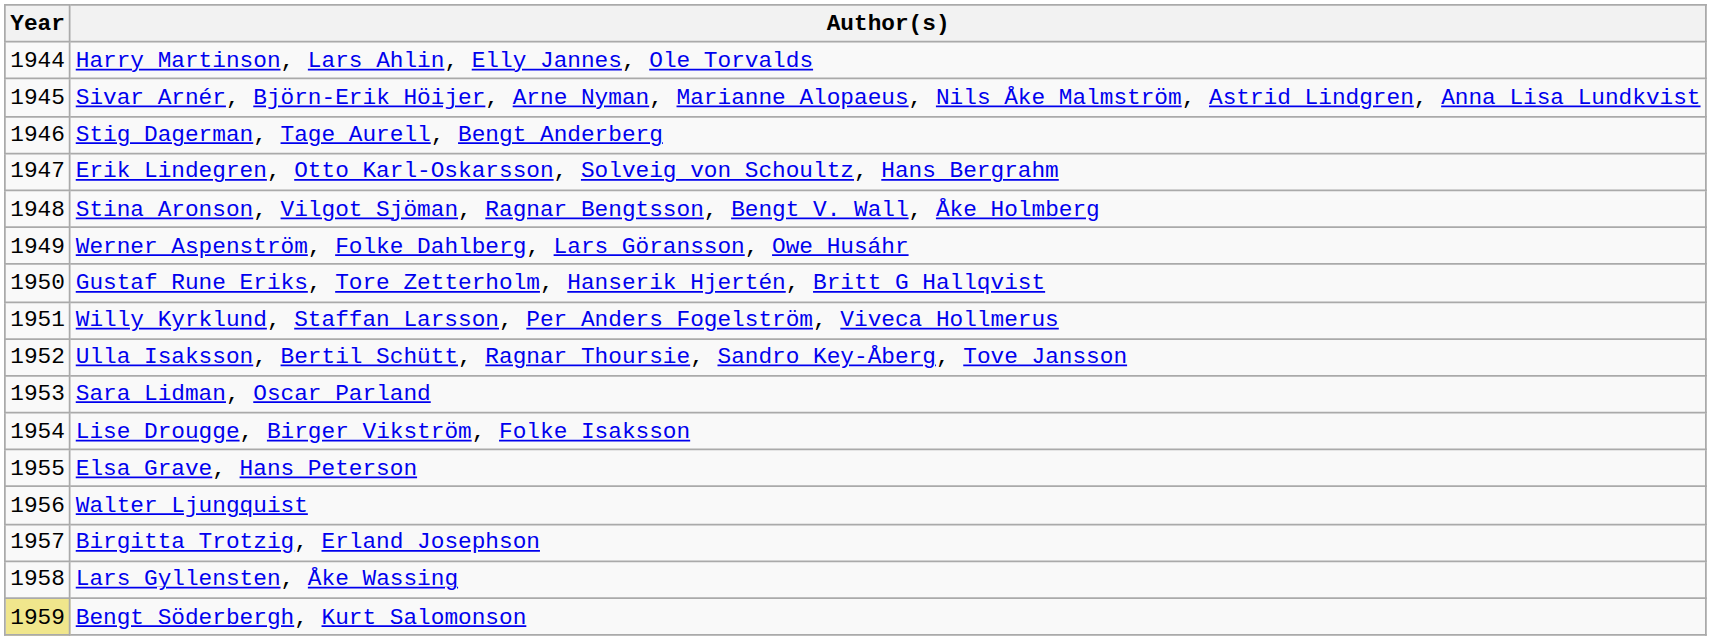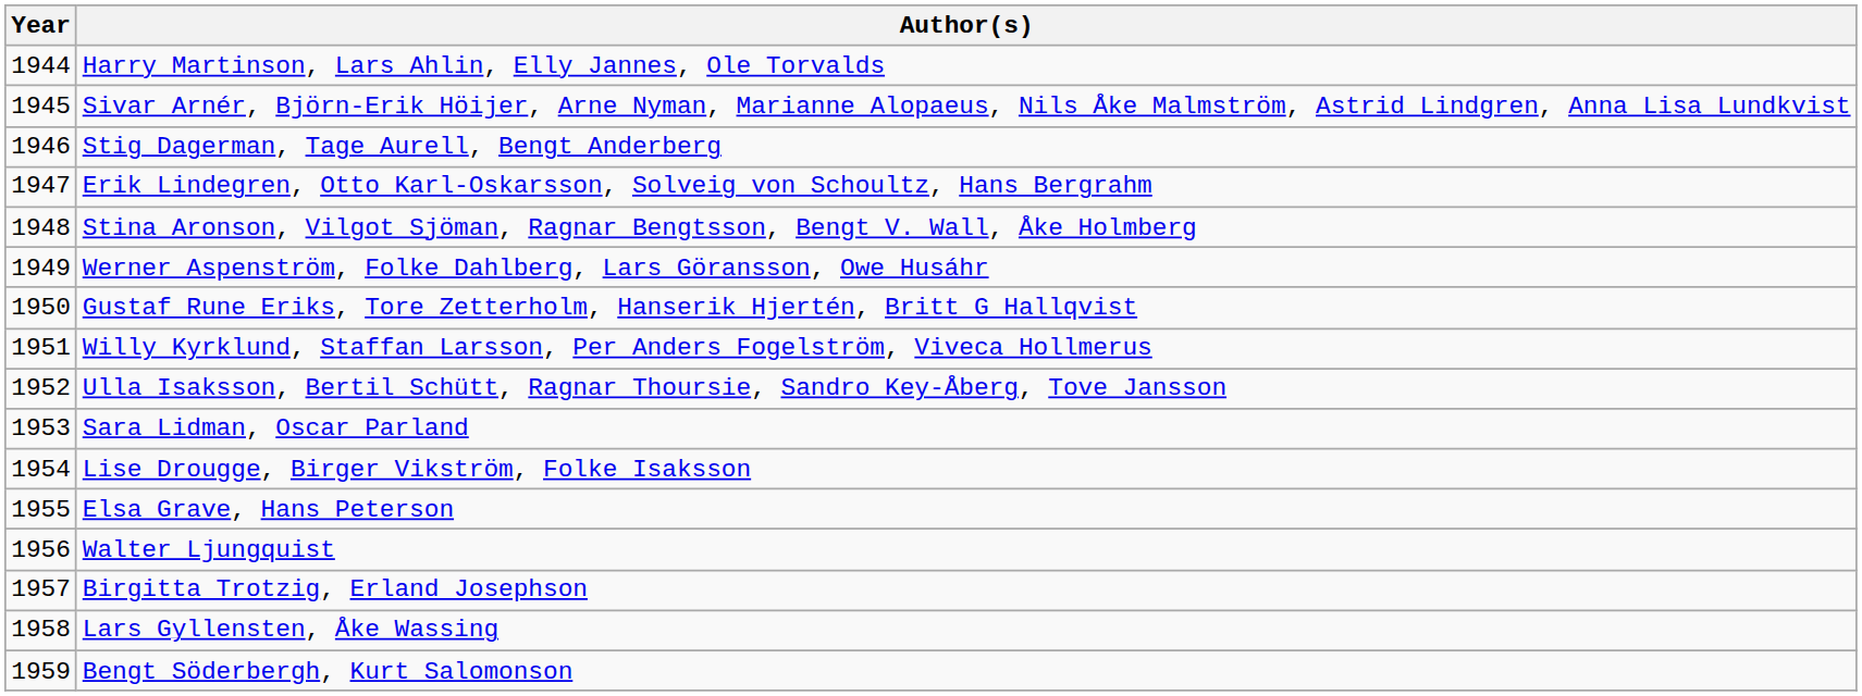 <table class="wikitable">
 <tr>
 <th>Year</th>
 <th>Author(s)</th>
 </tr>
 <tr>
 <td>1944</td>
 <td><a href='#'>Harry Martinson</a>, <a href='#'>Lars Ahlin</a>, <a href='#'>Elly Jannes</a>, <a href='#'>Ole Torvalds</a></td>
 </tr>
 <tr>
 <td>1945</td>
 <td><a href='#'>Sivar Arnér</a>, <a href='#'>Björn-Erik Höijer</a>, <a href='#'>Arne Nyman</a>, <a href='#'>Marianne Alopaeus</a>, <a href='#'>Nils Åke Malmström</a>, <a href='#'>Astrid Lindgren</a>, <a href='#'>Anna Lisa Lundkvist</a></td>
 </tr>
 <tr>
 <td>1946</td>
 <td><a href='#'>Stig Dagerman</a>, <a href='#'>Tage Aurell</a>, <a href='#'>Bengt Anderberg</a></td>
 </tr>
 <tr>
 <td>1947</td>
 <td><a href='#'>Erik Lindegren</a>, <a href='#'>Otto Karl-Oskarsson</a>, <a href='#'>Solveig von Schoultz</a>, <a href='#'>Hans Bergrahm</a></td>
 </tr>
 <tr>
 <td>1948</td>
 <td><a href='#'>Stina Aronson</a>, <a href='#'>Vilgot Sjöman</a>, <a href='#'>Ragnar Bengtsson</a>, <a href='#'>Bengt V. Wall</a>, <a href='#'>Åke Holmberg</a></td>
 </tr>
 <tr>
 <td>1949</td>
 <td><a href='#'>Werner Aspenström</a>, <a href='#'>Folke Dahlberg</a>, <a href='#'>Lars Göransson</a>, <a href='#'>Owe Husáhr</a></td>
 </tr>
 <tr>
 <td>1950</td>
 <td><a href='#'>Gustaf Rune Eriks</a>, <a href='#'>Tore Zetterholm</a>, <a href='#'>Hanserik Hjertén</a>, <a href='#'>Britt G Hallqvist</a></td>
 </tr>
 <tr>
 <td>1951</td>
 <td><a href='#'>Willy Kyrklund</a>, <a href='#'>Staffan Larsson</a>, <a href='#'>Per Anders Fogelström</a>, <a href='#'>Viveca Hollmerus</a></td>
 </tr>
 <tr>
 <td>1952</td>
 <td><a href='#'>Ulla Isaksson</a>, <a href='#'>Bertil Schütt</a>, <a href='#'>Ragnar Thoursie</a>, <a href='#'>Sandro Key-Åberg</a>, <a href='#'>Tove Jansson</a></td>
 </tr>
 <tr>
 <td>1953</td>
 <td><a href='#'>Sara Lidman</a>, <a href='#'>Oscar Parland</a></td>
 </tr>
 <tr>
 <td>1954</td>
 <td><a href='#'>Lise Drougge</a>, <a href='#'>Birger Vikström</a>, <a href='#'>Folke Isaksson</a></td>
 </tr>
 <tr>
 <td>1955</td>
 <td><a href='#'>Elsa Grave</a>, <a href='#'>Hans Peterson</a></td>
 </tr>
 <tr>
 <td>1956</td>
 <td><a href='#'>Walter Ljungquist</a></td>
 </tr>
 <tr>
 <td>1957</td>
 <td><a href='#'>Birgitta Trotzig</a>, <a href='#'>Erland Josephson</a></td>
 </tr>
 <tr>
 <td>1958</td>
 <td><a href='#'>Lars Gyllensten</a>, <a href='#'>Åke Wassing</a></td>
 </tr>
 <tr>
-<td style="background: khaki;">1959</td>
+<td>1959</td>
 <td><a href='#'>Bengt Söderbergh</a>, <a href='#'>Kurt Salomonson</a></td>
 </tr>
 </table>
